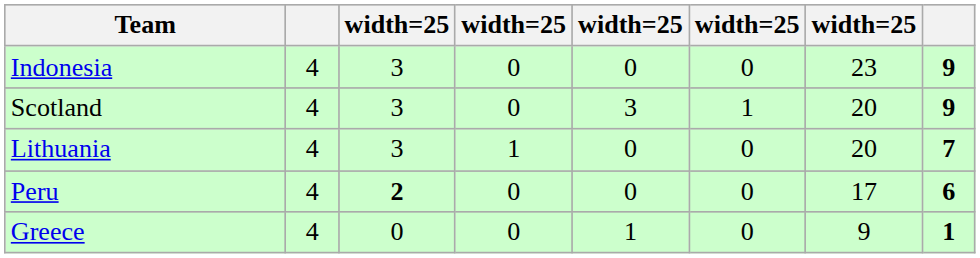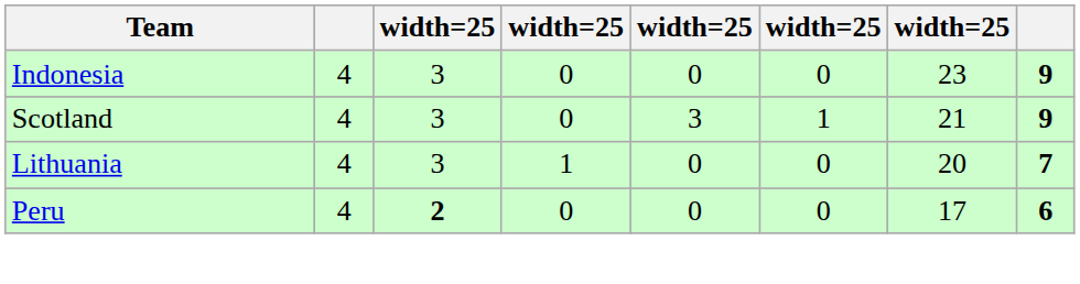 <table class="wikitable sortable" style="text-align: center; ">
 <tr>
 <th width=165>Team</th>
 <th width=25></th>
 <th>width=25</th>
 <th>width=25</th>
 <th>width=25</th>
 <th>width=25</th>
 <th>width=25</th>
 <th width=25></th>
 </tr>
 <tr style="background:#ccffcc;">
 <td style="text-align:left;"> <a href='#'>Indonesia</a></td>
 <td>4</td>
 <td>3</td>
 <td>0</td>
 <td>0</td>
 <td>0</td>
 <td>23</td>
 <td><strong>9</strong></td>
 </tr>
 <tr style="background:#ccffcc;">
 <td style="text-align:left;"> Scotland</td>
 <td>4</td>
 <td>3</td>
 <td>0</td>
 <td>3</td>
 <td>1</td>
-<td>20</td>
+<td>21</td>
 <td><strong>9</strong></td>
 </tr>
 <tr style="background:#ccffcc;">
 <td style="text-align:left;"> <a href='#'>Lithuania</a></td>
 <td>4</td>
 <td>3</td>
 <td>1</td>
 <td>0</td>
 <td>0</td>
 <td>20</td>
 <td><strong>7</strong></td>
 </tr>
 <tr style="background:#ccffcc;">
 <td style="text-align:left;"> <a href='#'>Peru</a></td>
 <td>4</td>
 <td><strong>2</strong></td>
 <td>0</td>
 <td>0</td>
 <td>0</td>
 <td>17</td>
 <td><strong>6</strong></td>
 </tr>
-<tr style="background:#ccffcc;">
-<td style="text-align:left;"> <a href='#'>Greece</a></td>
-<td>4</td>
-<td>0</td>
-<td>0</td>
-<td>1</td>
-<td>0</td>
-<td>9</td>
-<td><strong>1</strong></td>
-</tr>
 </table>
